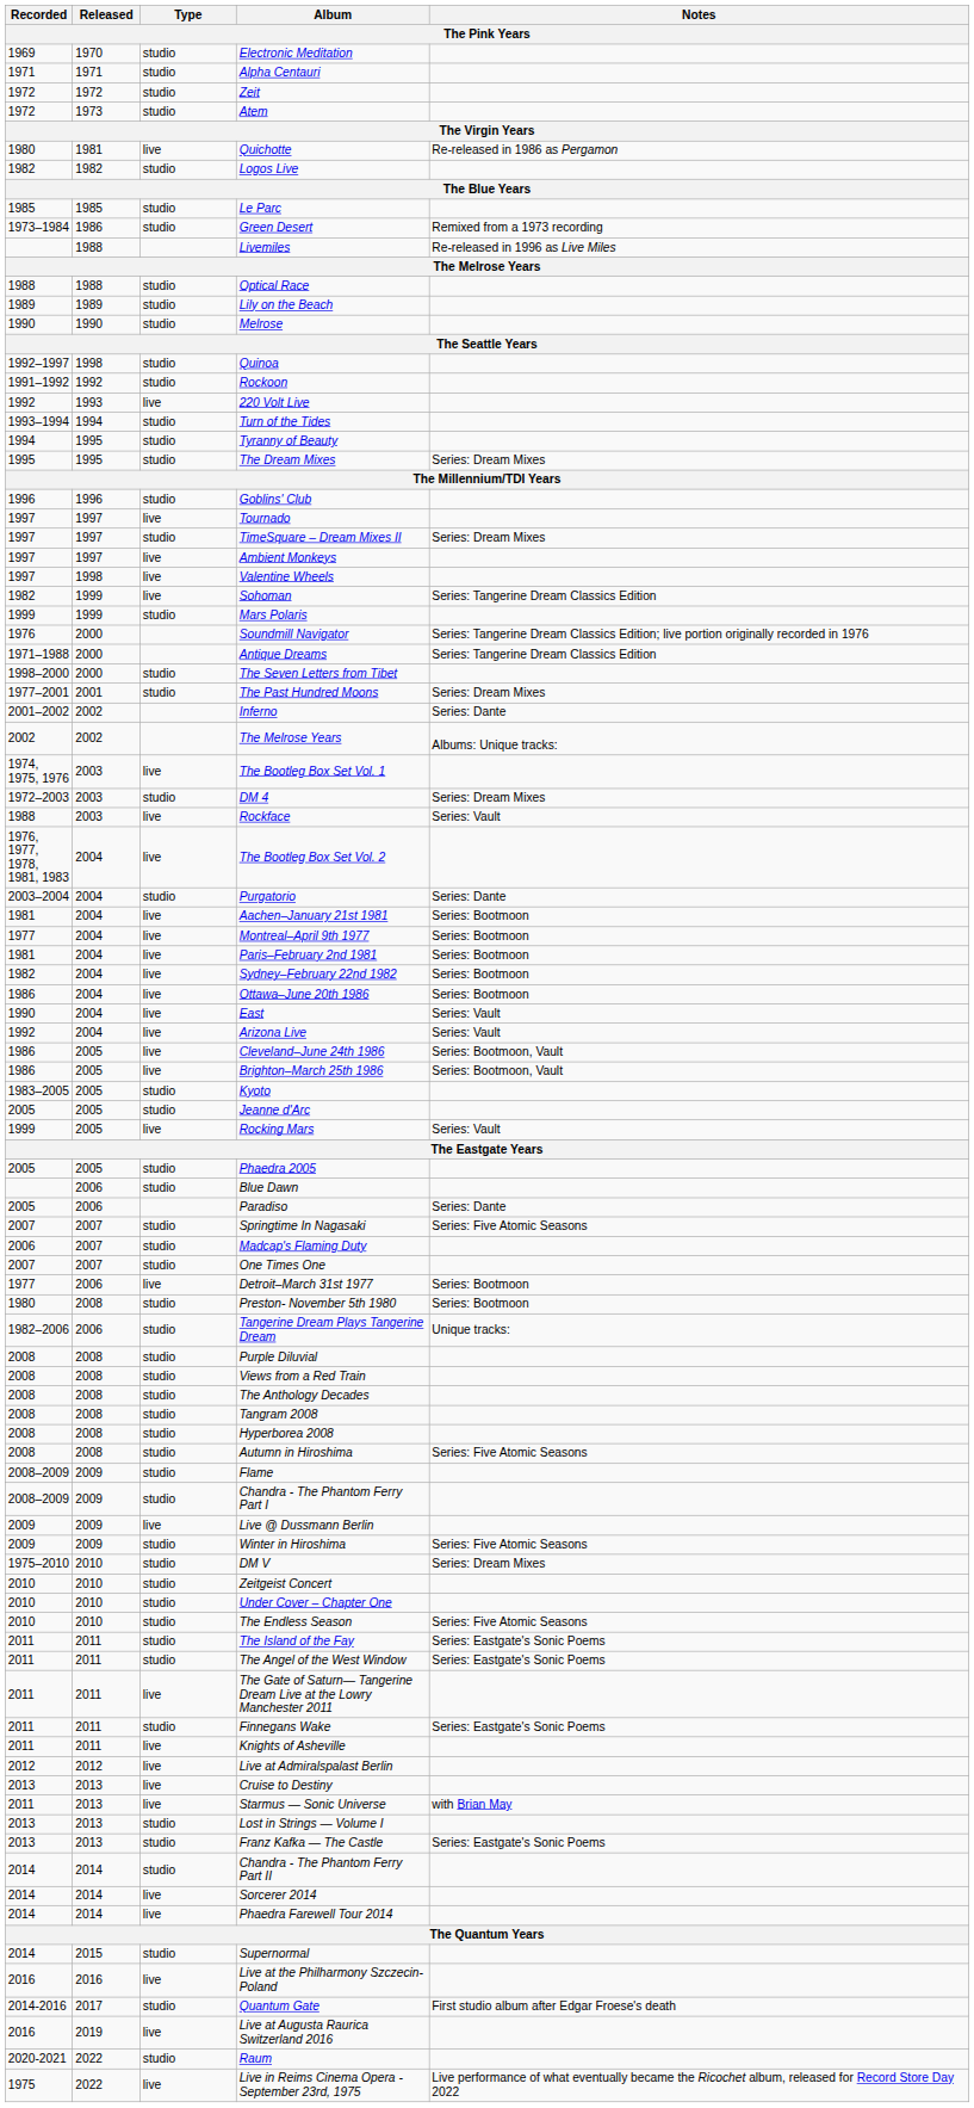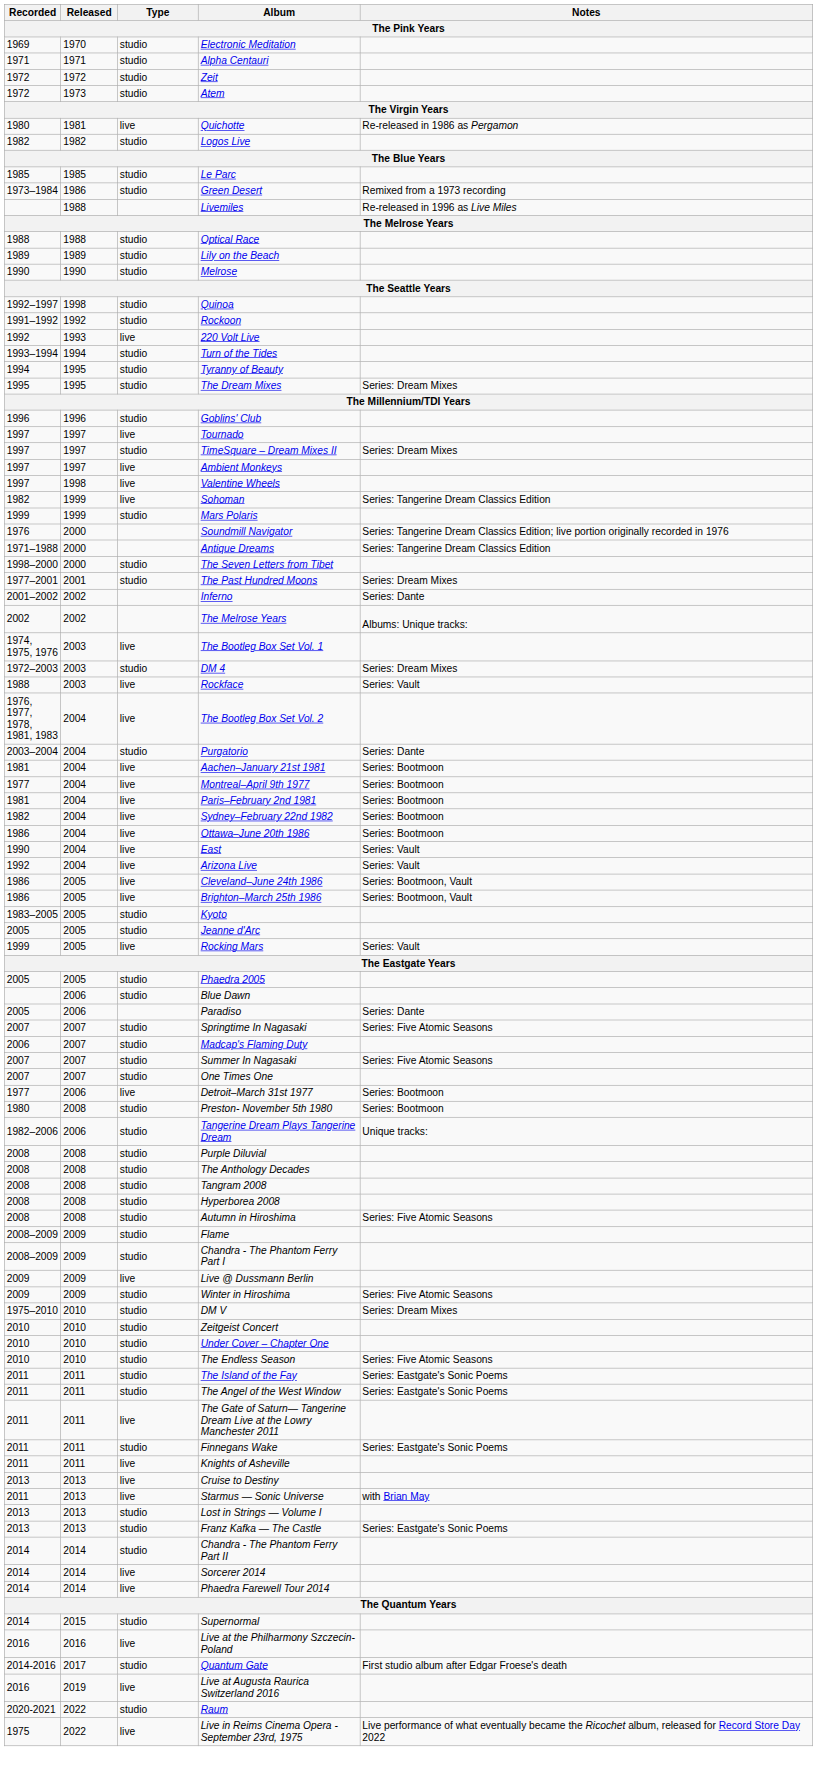 <table class="wikitable sortable" style="width:100%">
 <tr>
 <th style="width:7%">Recorded</th>
 <th style="width:7%">Released</th>
 <th style="width:10%">Type</th>
 <th style="width:20%">Album</th>
 <th>Notes</th>
 </tr>
 <tr>
 <th colspan="5">The Pink Years</th>
 </tr>
 <tr>
 <td>1969</td>
 <td>1970</td>
 <td>studio</td>
 <td><em><a href='#'>Electronic Meditation</a></em></td>
 <td></td>
 </tr>
 <tr>
 <td>1971</td>
 <td>1971</td>
 <td>studio</td>
 <td><em><a href='#'>Alpha Centauri</a></em></td>
 <td></td>
 </tr>
 <tr>
 <td>1972</td>
 <td>1972</td>
 <td>studio</td>
 <td><em><a href='#'>Zeit</a></em></td>
 <td></td>
 </tr>
 <tr>
 <td>1972</td>
 <td>1973</td>
 <td>studio</td>
 <td><em><a href='#'>Atem</a></em></td>
 <td></td>
 </tr>
 <tr>
 <th colspan="5">The Virgin Years</th>
 </tr>
 <tr>
 <td>1980</td>
 <td>1981</td>
 <td>live</td>
 <td><em><a href='#'>Quichotte</a></em></td>
 <td>Re-released in 1986 as <em>Pergamon</em></td>
 </tr>
 <tr>
 <td>1982</td>
 <td>1982</td>
 <td>studio</td>
 <td><em><a href='#'>Logos Live</a></em></td>
 <td></td>
 </tr>
 <tr>
 <th colspan="5">The Blue Years</th>
 </tr>
 <tr>
 <td>1985</td>
 <td>1985</td>
 <td>studio</td>
 <td><em><a href='#'>Le Parc</a></em></td>
 <td></td>
 </tr>
 <tr>
 <td>1973–1984</td>
 <td>1986</td>
 <td>studio</td>
 <td><em><a href='#'>Green Desert</a></em></td>
 <td>Remixed from a 1973 recording</td>
 </tr>
 <tr>
 <td></td>
 <td>1988</td>
 <td></td>
 <td><em><a href='#'>Livemiles</a></em></td>
 <td>Re-released in 1996 as <em>Live Miles</em></td>
 </tr>
 <tr>
 <th colspan="5">The Melrose Years</th>
 </tr>
 <tr>
 <td>1988</td>
 <td>1988</td>
 <td>studio</td>
 <td><em><a href='#'>Optical Race</a></em></td>
 <td></td>
 </tr>
 <tr>
 <td>1989</td>
 <td>1989</td>
 <td>studio</td>
 <td><em><a href='#'>Lily on the Beach</a></em></td>
 <td></td>
 </tr>
 <tr>
 <td>1990</td>
 <td>1990</td>
 <td>studio</td>
 <td><em><a href='#'>Melrose</a></em></td>
 <td></td>
 </tr>
 <tr>
 <th colspan="5">The Seattle Years</th>
 </tr>
 <tr>
 <td>1992–1997</td>
 <td>1998</td>
 <td>studio</td>
 <td><em><a href='#'>Quinoa</a></em></td>
 <td></td>
 </tr>
 <tr>
 <td>1991–1992</td>
 <td>1992</td>
 <td>studio</td>
 <td><em><a href='#'>Rockoon</a></em></td>
 <td></td>
 </tr>
 <tr>
 <td>1992</td>
 <td>1993</td>
 <td>live</td>
 <td><em><a href='#'>220 Volt Live</a></em></td>
 <td></td>
 </tr>
 <tr>
 <td>1993–1994</td>
 <td>1994</td>
 <td>studio</td>
 <td><em><a href='#'>Turn of the Tides</a></em></td>
 <td></td>
 </tr>
 <tr>
 <td>1994</td>
 <td>1995</td>
 <td>studio</td>
 <td><em><a href='#'>Tyranny of Beauty</a></em></td>
 <td></td>
 </tr>
 <tr>
 <td>1995</td>
 <td>1995</td>
 <td>studio</td>
 <td><em><a href='#'>The Dream Mixes</a></em></td>
 <td>Series: Dream Mixes</td>
 </tr>
 <tr>
 <th colspan="5">The Millennium/TDI Years</th>
 </tr>
 <tr>
 <td>1996</td>
 <td>1996</td>
 <td>studio</td>
 <td><em><a href='#'>Goblins' Club</a></em></td>
 <td></td>
 </tr>
 <tr>
 <td>1997</td>
 <td>1997</td>
 <td>live</td>
 <td><em><a href='#'>Tournado</a></em></td>
 <td></td>
 </tr>
 <tr>
 <td>1997</td>
 <td>1997</td>
 <td>studio</td>
 <td><em><a href='#'>TimeSquare – Dream Mixes II</a></em></td>
 <td>Series: Dream Mixes</td>
 </tr>
 <tr>
 <td>1997</td>
 <td>1997</td>
 <td>live</td>
 <td><em><a href='#'>Ambient Monkeys</a></em></td>
 <td></td>
 </tr>
 <tr>
 <td>1997</td>
 <td>1998</td>
 <td>live</td>
 <td><em><a href='#'>Valentine Wheels</a></em></td>
 <td></td>
 </tr>
 <tr>
 <td>1982</td>
 <td>1999</td>
 <td>live</td>
 <td><em><a href='#'>Sohoman</a></em></td>
 <td>Series: Tangerine Dream Classics Edition</td>
 </tr>
 <tr>
 <td>1999</td>
 <td>1999</td>
 <td>studio</td>
 <td><em><a href='#'>Mars Polaris</a></em></td>
 <td></td>
 </tr>
 <tr>
 <td>1976</td>
 <td>2000</td>
 <td></td>
 <td><em><a href='#'>Soundmill Navigator</a></em></td>
 <td>Series: Tangerine Dream Classics Edition; live portion originally recorded in 1976</td>
 </tr>
 <tr>
 <td>1971–1988</td>
 <td>2000</td>
 <td></td>
 <td><em><a href='#'>Antique Dreams</a></em></td>
 <td>Series: Tangerine Dream Classics Edition</td>
 </tr>
 <tr>
 <td>1998–2000</td>
 <td>2000</td>
 <td>studio</td>
 <td><em><a href='#'>The Seven Letters from Tibet</a></em></td>
 <td></td>
 </tr>
 <tr>
 <td>1977–2001</td>
 <td>2001</td>
 <td>studio</td>
 <td><em><a href='#'>The Past Hundred Moons</a></em></td>
 <td>Series: Dream Mixes</td>
 </tr>
 <tr>
 <td>2001–2002</td>
 <td>2002</td>
 <td></td>
 <td><em><a href='#'>Inferno</a></em></td>
 <td>Series: Dante</td>
 </tr>
 <tr>
 <td>2002</td>
 <td>2002</td>
 <td></td>
 <td><em><a href='#'>The Melrose Years</a></em></td>
 <td><br>Albums: Unique tracks:</td>
 </tr>
 <tr>
 <td>1974, 1975, 1976</td>
 <td>2003</td>
 <td>live</td>
 <td><em><a href='#'>The Bootleg Box Set Vol. 1</a></em></td>
 <td></td>
 </tr>
 <tr>
 <td>1972–2003</td>
 <td>2003</td>
 <td>studio</td>
 <td><em><a href='#'>DM 4</a></em></td>
 <td>Series: Dream Mixes</td>
 </tr>
 <tr>
 <td>1988</td>
 <td>2003</td>
 <td>live</td>
 <td><em><a href='#'>Rockface</a></em></td>
 <td>Series: Vault</td>
 </tr>
 <tr>
 <td>1976, 1977, 1978, 1981, 1983</td>
 <td>2004</td>
 <td>live</td>
 <td><em><a href='#'>The Bootleg Box Set Vol. 2</a></em></td>
 <td></td>
 </tr>
 <tr>
 <td>2003–2004</td>
 <td>2004</td>
 <td>studio</td>
 <td><em><a href='#'>Purgatorio</a></em></td>
 <td>Series: Dante</td>
 </tr>
 <tr>
 <td>1981</td>
 <td>2004</td>
 <td>live</td>
 <td><em><a href='#'>Aachen–January 21st 1981</a></em></td>
 <td>Series: Bootmoon</td>
 </tr>
 <tr>
 <td>1977</td>
 <td>2004</td>
 <td>live</td>
 <td><em><a href='#'>Montreal–April 9th 1977</a></em></td>
 <td>Series: Bootmoon</td>
 </tr>
 <tr>
 <td>1981</td>
 <td>2004</td>
 <td>live</td>
 <td><em><a href='#'>Paris–February 2nd 1981</a></em></td>
 <td>Series: Bootmoon</td>
 </tr>
 <tr>
 <td>1982</td>
 <td>2004</td>
 <td>live</td>
 <td><em><a href='#'>Sydney–February 22nd 1982</a></em></td>
 <td>Series: Bootmoon</td>
 </tr>
 <tr>
 <td>1986</td>
 <td>2004</td>
 <td>live</td>
 <td><em><a href='#'>Ottawa–June 20th 1986</a></em></td>
 <td>Series: Bootmoon</td>
 </tr>
 <tr>
 <td>1990</td>
 <td>2004</td>
 <td>live</td>
 <td><em><a href='#'>East</a></em></td>
 <td>Series: Vault</td>
 </tr>
 <tr>
 <td>1992</td>
 <td>2004</td>
 <td>live</td>
 <td><em><a href='#'>Arizona Live</a></em></td>
 <td>Series: Vault</td>
 </tr>
 <tr>
 <td>1986</td>
 <td>2005</td>
 <td>live</td>
 <td><em><a href='#'>Cleveland–June 24th 1986</a></em></td>
 <td>Series: Bootmoon, Vault</td>
 </tr>
 <tr>
 <td>1986</td>
 <td>2005</td>
 <td>live</td>
 <td><em><a href='#'>Brighton–March 25th 1986</a></em></td>
 <td>Series: Bootmoon, Vault</td>
 </tr>
 <tr>
 <td>1983–2005</td>
 <td>2005</td>
 <td>studio</td>
 <td><em><a href='#'>Kyoto</a></em></td>
 <td></td>
 </tr>
 <tr>
 <td>2005</td>
 <td>2005</td>
 <td>studio</td>
 <td><em><a href='#'>Jeanne d'Arc</a></em></td>
 <td></td>
 </tr>
 <tr>
 <td>1999</td>
 <td>2005</td>
 <td>live</td>
 <td><em><a href='#'>Rocking Mars</a></em></td>
 <td>Series: Vault</td>
 </tr>
 <tr>
 <th colspan="5">The Eastgate Years</th>
 </tr>
 <tr>
 <td>2005</td>
 <td>2005</td>
 <td>studio</td>
 <td><em><a href='#'>Phaedra 2005</a></em></td>
 <td></td>
 </tr>
 <tr>
 <td></td>
 <td>2006</td>
 <td>studio</td>
 <td><em>Blue Dawn</em></td>
 <td></td>
 </tr>
 <tr>
 <td>2005</td>
 <td>2006</td>
 <td></td>
 <td><em>Paradiso</em></td>
 <td>Series: Dante</td>
 </tr>
 <tr>
 <td>2007</td>
 <td>2007</td>
 <td>studio</td>
 <td><em>Springtime In Nagasaki</em></td>
 <td>Series: Five Atomic Seasons</td>
 </tr>
 <tr>
 <td>2006</td>
 <td>2007</td>
 <td>studio</td>
 <td><em><a href='#'>Madcap's Flaming Duty</a></em></td>
 <td></td>
 </tr>
 <tr>
 <td>2007</td>
 <td>2007</td>
 <td>studio</td>
+<td><em>Summer In Nagasaki</em></td>
+<td>Series: Five Atomic Seasons</td>
+</tr>
+<tr>
+<td>2007</td>
+<td>2007</td>
+<td>studio</td>
 <td><em>One Times One</em></td>
 <td></td>
 </tr>
 <tr>
 <td>1977</td>
 <td>2006</td>
 <td>live</td>
 <td><em>Detroit–March 31st 1977</em></td>
 <td>Series: Bootmoon</td>
 </tr>
 <tr>
 <td>1980</td>
 <td>2008</td>
 <td>studio</td>
 <td><em>Preston- November 5th 1980</em></td>
 <td>Series: Bootmoon</td>
 </tr>
 <tr>
 <td>1982–2006</td>
 <td>2006</td>
 <td>studio</td>
 <td><em><a href='#'>Tangerine Dream Plays Tangerine Dream</a></em></td>
 <td>Unique tracks:</td>
 </tr>
 <tr>
 <td>2008</td>
 <td>2008</td>
 <td>studio</td>
 <td><em>Purple Diluvial</em></td>
-<td></td>
-</tr>
-<tr>
-<td>2008</td>
-<td>2008</td>
-<td>studio</td>
-<td><em>Views from a Red Train</em></td>
 <td></td>
 </tr>
 <tr>
 <td>2008</td>
 <td>2008</td>
 <td>studio</td>
 <td><em>The Anthology Decades</em></td>
 <td></td>
 </tr>
 <tr>
 <td>2008</td>
 <td>2008</td>
 <td>studio</td>
 <td><em>Tangram 2008</em></td>
 <td></td>
 </tr>
 <tr>
 <td>2008</td>
 <td>2008</td>
 <td>studio</td>
 <td><em>Hyperborea 2008</em></td>
 <td></td>
 </tr>
 <tr>
 <td>2008</td>
 <td>2008</td>
 <td>studio</td>
 <td><em>Autumn in Hiroshima</em></td>
 <td>Series: Five Atomic Seasons</td>
 </tr>
 <tr>
 <td>2008–2009</td>
 <td>2009</td>
 <td>studio</td>
 <td><em>Flame</em></td>
 <td></td>
 </tr>
 <tr>
 <td>2008–2009</td>
 <td>2009</td>
 <td>studio</td>
 <td><em>Chandra - The Phantom Ferry Part I</em></td>
 <td></td>
 </tr>
 <tr>
 <td>2009</td>
 <td>2009</td>
 <td>live</td>
 <td><em>Live @ Dussmann Berlin</em></td>
 <td></td>
 </tr>
 <tr>
 <td>2009</td>
 <td>2009</td>
 <td>studio</td>
 <td><em>Winter in Hiroshima</em></td>
 <td>Series: Five Atomic Seasons</td>
 </tr>
 <tr>
 <td>1975–2010</td>
 <td>2010</td>
 <td>studio</td>
 <td><em>DM V</em></td>
 <td>Series: Dream Mixes</td>
 </tr>
 <tr>
 <td>2010</td>
 <td>2010</td>
 <td>studio</td>
 <td><em>Zeitgeist Concert</em></td>
 <td></td>
 </tr>
 <tr>
 <td>2010</td>
 <td>2010</td>
 <td>studio</td>
 <td><em><a href='#'>Under Cover&nbsp;– Chapter One</a></em></td>
 <td></td>
 </tr>
 <tr>
 <td>2010</td>
 <td>2010</td>
 <td>studio</td>
 <td><em>The Endless Season</em></td>
 <td>Series: Five Atomic Seasons</td>
 </tr>
 <tr>
 <td>2011</td>
 <td>2011</td>
 <td>studio</td>
 <td><em><a href='#'>The Island of the Fay</a></em></td>
 <td>Series: Eastgate's Sonic Poems</td>
 </tr>
 <tr>
 <td>2011</td>
 <td>2011</td>
 <td>studio</td>
 <td><em>The Angel of the West Window</em></td>
 <td>Series: Eastgate's Sonic Poems</td>
 </tr>
 <tr>
 <td>2011</td>
 <td>2011</td>
 <td>live</td>
 <td><em>The Gate of Saturn— Tangerine Dream Live at the Lowry Manchester 2011</em></td>
 <td></td>
 </tr>
 <tr>
 <td>2011</td>
 <td>2011</td>
 <td>studio</td>
 <td><em>Finnegans Wake</em></td>
 <td>Series: Eastgate's Sonic Poems</td>
 </tr>
 <tr>
 <td>2011</td>
 <td>2011</td>
 <td>live</td>
 <td><em>Knights of Asheville</em></td>
 <td></td>
 </tr>
 <tr>
-<td>2012</td>
-<td>2012</td>
-<td>live</td>
-<td><em>Live at Admiralspalast Berlin</em></td>
-<td></td>
-</tr>
-<tr>
 <td>2013</td>
 <td>2013</td>
 <td>live</td>
 <td><em>Cruise to Destiny</em></td>
 <td></td>
 </tr>
 <tr>
 <td>2011</td>
 <td>2013</td>
 <td>live</td>
 <td><em>Starmus — Sonic Universe</em></td>
 <td>with <a href='#'>Brian May</a></td>
 </tr>
 <tr>
 <td>2013</td>
 <td>2013</td>
 <td>studio</td>
 <td><em>Lost in Strings — Volume I</em></td>
 <td></td>
 </tr>
 <tr>
 <td>2013</td>
 <td>2013</td>
 <td>studio</td>
 <td><em>Franz Kafka — The Castle</em></td>
 <td>Series: Eastgate's Sonic Poems</td>
 </tr>
 <tr>
 <td>2014</td>
 <td>2014</td>
 <td>studio</td>
 <td><em>Chandra - The Phantom Ferry Part II</em></td>
 <td></td>
 </tr>
 <tr>
 <td>2014</td>
 <td>2014</td>
 <td>live</td>
 <td><em>Sorcerer 2014</em></td>
 <td></td>
 </tr>
 <tr>
 <td>2014</td>
 <td>2014</td>
 <td>live</td>
 <td><em>Phaedra Farewell Tour 2014</em></td>
 <td></td>
 </tr>
 <tr>
 <th colspan="5">The Quantum Years</th>
 </tr>
 <tr>
 <td>2014</td>
 <td>2015</td>
 <td>studio</td>
 <td><em>Supernormal</em></td>
 <td></td>
 </tr>
 <tr>
 <td>2016</td>
 <td>2016</td>
 <td>live</td>
 <td><em>Live at the Philharmony Szczecin-Poland</em></td>
 <td></td>
 </tr>
 <tr>
 <td>2014-2016</td>
 <td>2017</td>
 <td>studio</td>
 <td><em><a href='#'>Quantum Gate</a></em></td>
 <td>First studio album after Edgar Froese's death</td>
 </tr>
 <tr>
 <td>2016</td>
 <td>2019</td>
 <td>live</td>
 <td><em>Live at Augusta Raurica Switzerland 2016</em></td>
 <td></td>
 </tr>
 <tr>
 <td>2020-2021</td>
 <td>2022</td>
 <td>studio</td>
 <td><em><a href='#'>Raum</a></em></td>
 <td></td>
 </tr>
 <tr>
 <td>1975</td>
 <td>2022</td>
 <td>live</td>
 <td><em>Live in Reims Cinema Opera - September 23rd, 1975</em></td>
 <td>Live performance of what eventually became the <em>Ricochet</em> album, released for <a href='#'>Record Store Day</a> 2022<br></td>
 </tr>
 </table>
